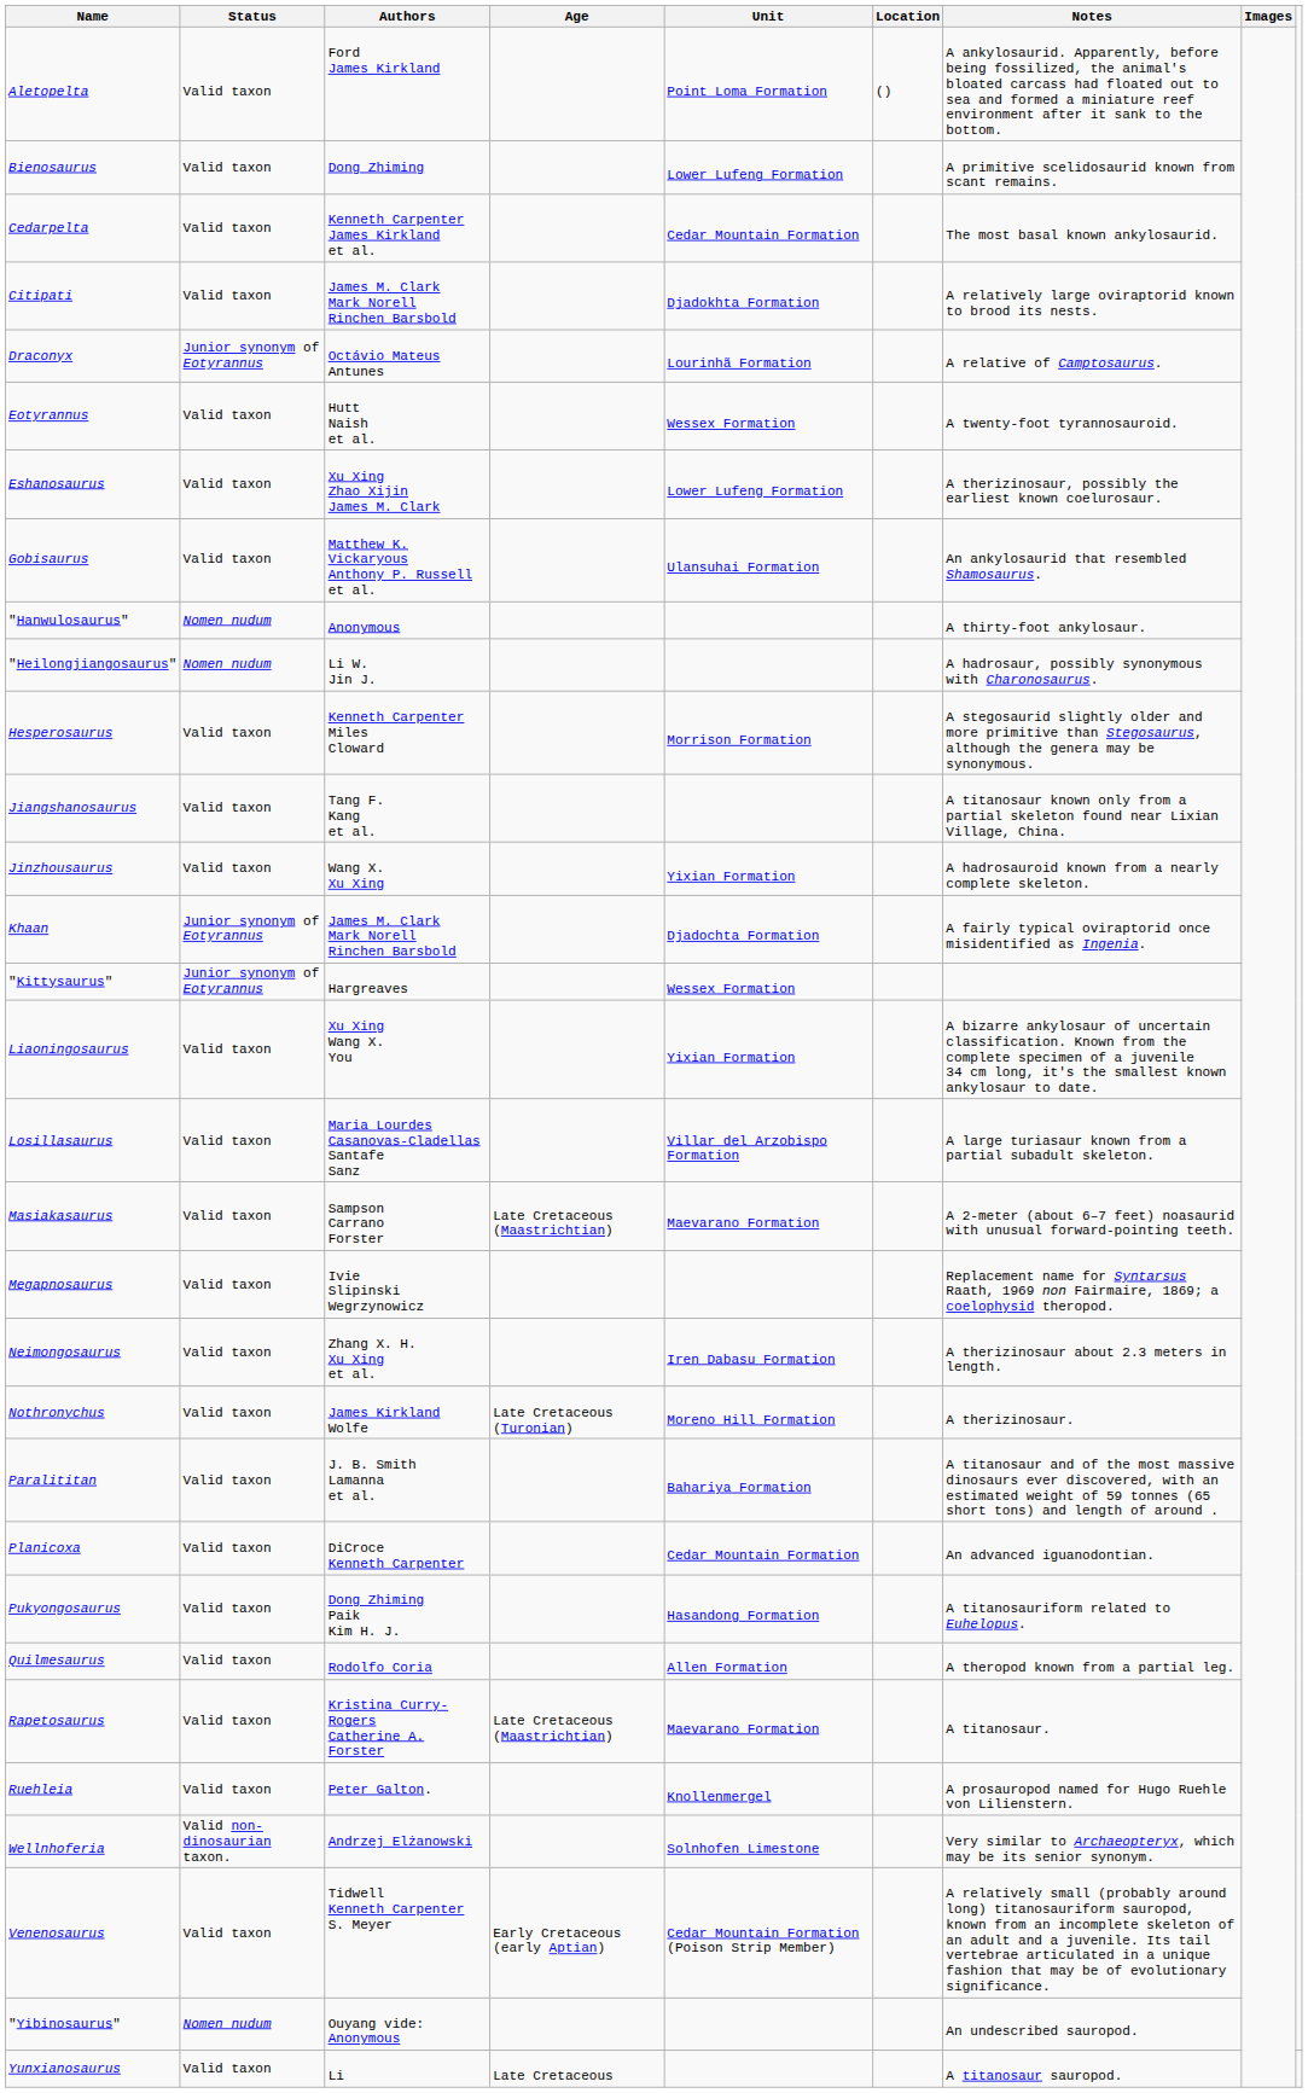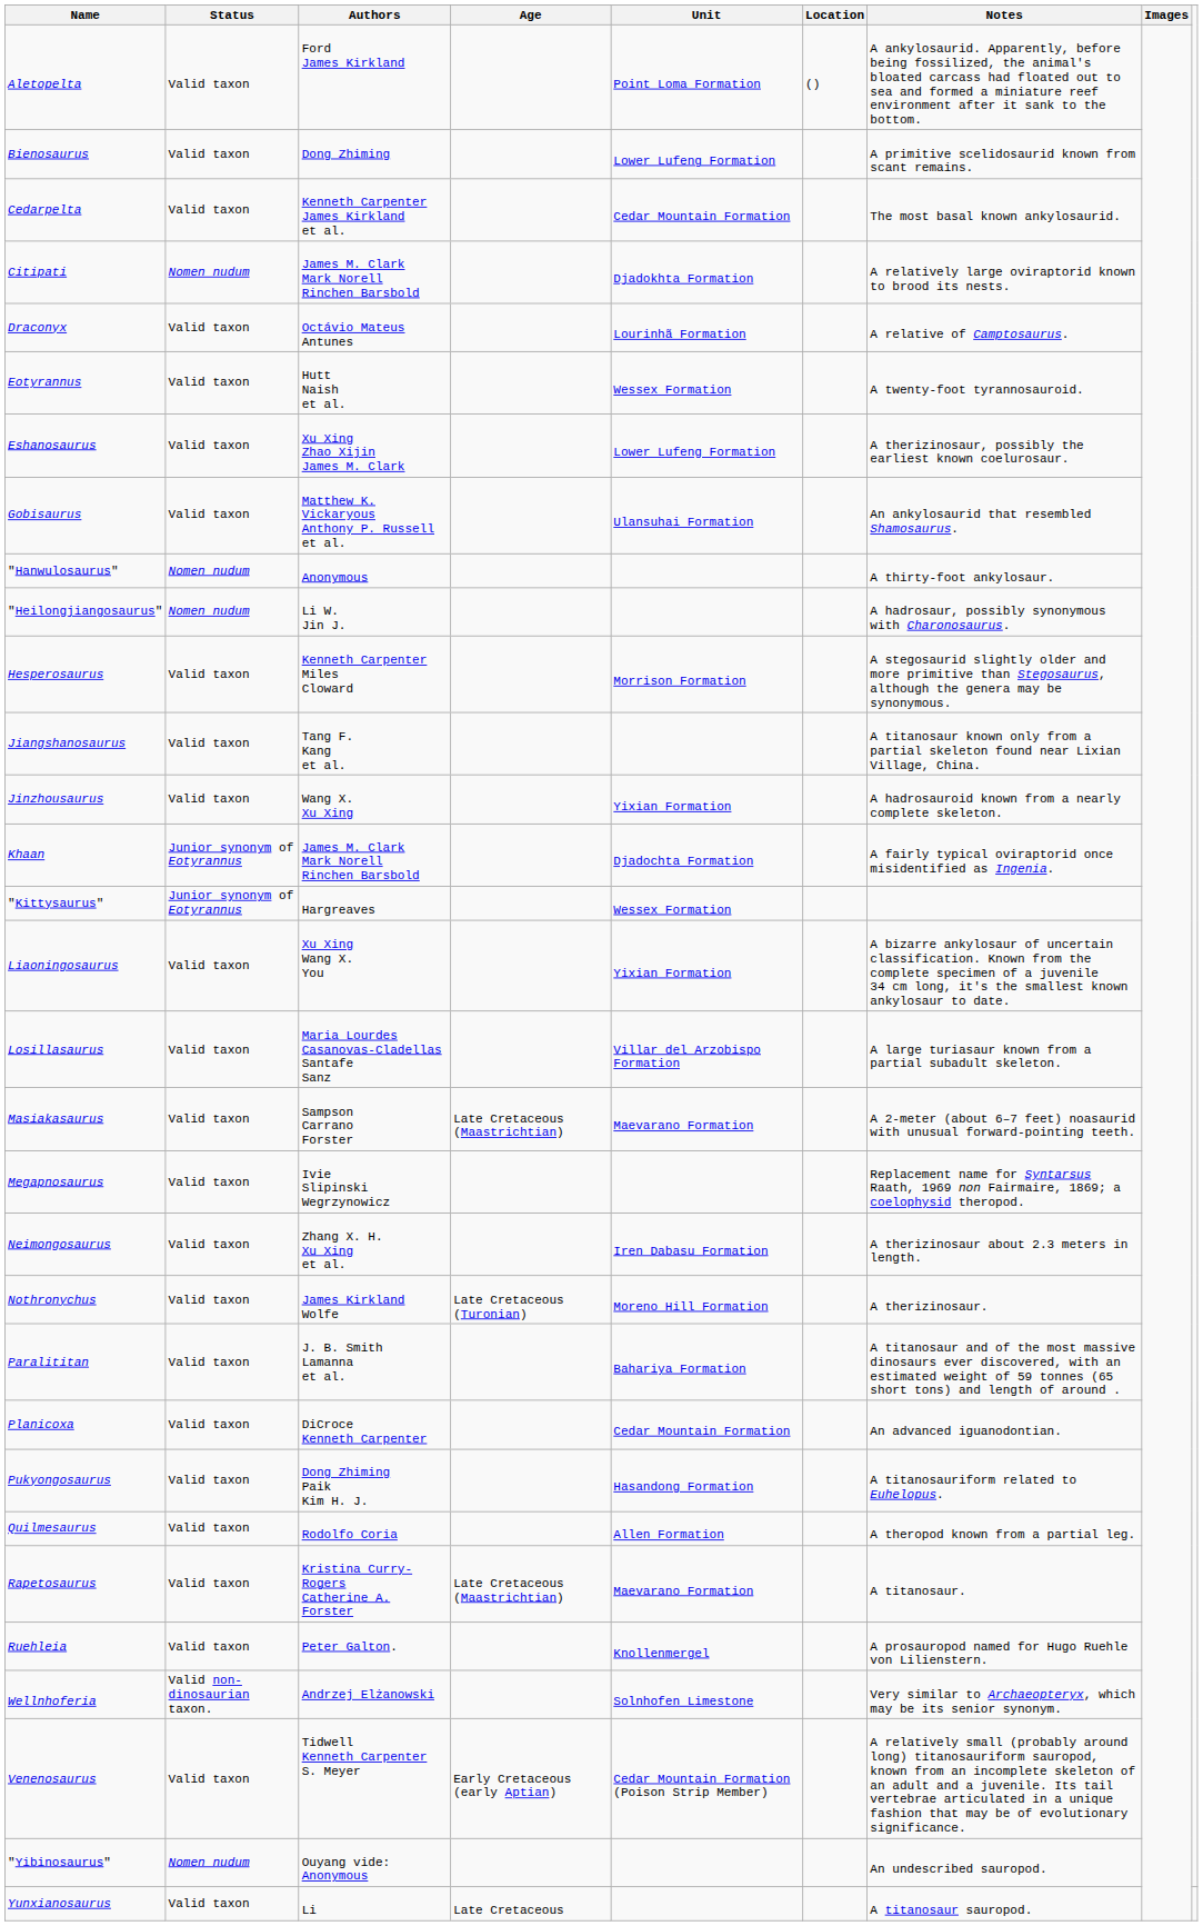 <table class="wikitable sortable" align="center" width="100%">
 <tr>
 <th>Name</th>
 <th>Status</th>
 <th>Authors</th>
 <th>Age</th>
 <th>Unit</th>
 <th>Location</th>
 <th width="23%" class="unsortable">Notes</th>
 <th class="unsortable">Images</th>
 </tr>
 <tr>
 <td><br><em><a href='#'>Aletopelta</a></em></td>
 <td><br>Valid taxon</td>
 <td style="border-right:0px" valign="top"><br>Ford <br> <a href='#'>James Kirkland</a> <br></td>
 <td></td>
 <td><br><a href='#'>Point Loma Formation</a></td>
 <td><br> ()</td>
 <td><br>A  ankylosaurid. Apparently, before being fossilized, the animal's bloated carcass had floated out to sea and formed a miniature reef environment after it sank to the bottom.</td>
 <td rowspan="110"><br><br>        </td>
 </tr>
 <tr>
 <td><em><a href='#'>Bienosaurus</a></em></td>
 <td>Valid taxon</td>
 <td style="border-right:0px" valign="top"><br><a href='#'>Dong Zhiming</a></td>
 <td></td>
 <td><br><a href='#'>Lower Lufeng Formation</a></td>
 <td><br></td>
 <td><br>A primitive scelidosaurid known from scant remains.</td>
 </tr>
 <tr>
 <td><em><a href='#'>Cedarpelta</a></em></td>
 <td>Valid taxon</td>
 <td style="border-right:0px" valign="top"><br><a href='#'>Kenneth Carpenter</a><br> <a href='#'>James Kirkland</a><br> et al.</td>
 <td></td>
 <td><br><a href='#'>Cedar Mountain Formation</a></td>
 <td><br></td>
 <td><br>The most basal known ankylosaurid.</td>
 </tr>
 <tr>
 <td><em><a href='#'>Citipati</a></em></td>
-<td>Valid taxon</td>
+<td><em><a href='#'>Nomen nudum</a></em></td>
 <td style="border-right:0px" valign="top"><br><a href='#'>James M. Clark</a><br> <a href='#'>Mark Norell</a><br> <a href='#'>Rinchen Barsbold</a></td>
 <td></td>
 <td><br><a href='#'>Djadokhta Formation</a></td>
 <td><br></td>
 <td><br>A relatively large oviraptorid known to brood its nests.</td>
 </tr>
 <tr>
 <td><em><a href='#'>Draconyx</a></em></td>
-<td><a href='#'>Junior synonym</a> of <em><a href='#'>Eotyrannus</a></em></td>
+<td>Valid taxon</td>
 <td style="border-right:0px" valign="top"><br><a href='#'>Octávio Mateus</a><br> Antunes</td>
 <td></td>
 <td><br><a href='#'>Lourinhã Formation</a></td>
 <td><br></td>
 <td><br>A relative of <em><a href='#'>Camptosaurus</a></em>.</td>
 </tr>
 <tr>
 <td><em><a href='#'>Eotyrannus</a></em></td>
 <td>Valid taxon</td>
 <td style="border-right:0px" valign="top"><br>Hutt<br> Naish <br> et al.</td>
 <td></td>
 <td><br><a href='#'>Wessex Formation</a></td>
 <td><br></td>
 <td><br>A twenty-foot tyrannosauroid.</td>
 </tr>
 <tr>
 <td><em><a href='#'>Eshanosaurus</a></em></td>
 <td>Valid taxon</td>
 <td style="border-right:0px" valign="top"><br><a href='#'>Xu Xing</a><br> <a href='#'>Zhao Xijin</a><br> <a href='#'>James M. Clark</a></td>
 <td></td>
 <td><br><a href='#'>Lower Lufeng Formation</a></td>
 <td><br></td>
 <td><br>A therizinosaur, possibly the earliest known coelurosaur.</td>
 </tr>
 <tr>
 <td><em><a href='#'>Gobisaurus</a></em></td>
 <td>Valid taxon</td>
 <td style="border-right:0px" valign="top"><br><a href='#'>Matthew K. Vickaryous</a><br> <a href='#'>Anthony P. Russell</a><br> et al.</td>
 <td></td>
 <td><br><a href='#'>Ulansuhai Formation</a></td>
 <td><br></td>
 <td><br>An ankylosaurid that resembled <em><a href='#'>Shamosaurus</a></em>.</td>
 </tr>
 <tr>
 <td>"<a href='#'>Hanwulosaurus</a>"</td>
 <td><em><a href='#'>Nomen nudum</a></em></td>
 <td style="border-right:0px" valign="top"><br><a href='#'>Anonymous</a></td>
 <td></td>
 <td></td>
 <td><br></td>
 <td><br>A thirty-foot ankylosaur.</td>
 </tr>
 <tr>
 <td>"<a href='#'>Heilongjiangosaurus</a>"</td>
 <td><em><a href='#'>Nomen nudum</a></em></td>
 <td style="border-right:0px" valign="top"><br>Li W.<br> Jin J.</td>
 <td></td>
 <td></td>
 <td><br></td>
 <td><br>A hadrosaur, possibly synonymous with <em><a href='#'>Charonosaurus</a></em>.</td>
 </tr>
 <tr>
 <td><em><a href='#'>Hesperosaurus</a></em></td>
 <td>Valid taxon</td>
 <td style="border-right:0px" valign="top"><br><a href='#'>Kenneth Carpenter</a><br> Miles<br> Cloward</td>
 <td></td>
 <td><br><a href='#'>Morrison Formation</a></td>
 <td><br></td>
 <td><br>A stegosaurid slightly older and more primitive than <em><a href='#'>Stegosaurus</a></em>, although the genera may be synonymous.</td>
 </tr>
 <tr>
 <td><em><a href='#'>Jiangshanosaurus</a></em></td>
 <td>Valid taxon</td>
 <td style="border-right:0px" valign="top"><br>Tang F.<br> Kang  <br> et al.</td>
 <td></td>
 <td></td>
 <td><br></td>
 <td><br>A titanosaur known only from a partial skeleton found near Lixian Village, China.</td>
 </tr>
 <tr>
 <td><em><a href='#'>Jinzhousaurus</a></em></td>
 <td>Valid taxon</td>
 <td style="border-right:0px" valign="top"><br>Wang X. <br> <a href='#'>Xu Xing</a></td>
 <td></td>
 <td><br><a href='#'>Yixian Formation</a></td>
 <td><br></td>
 <td><br>A hadrosauroid known from a nearly complete skeleton.</td>
 </tr>
 <tr>
 <td><em><a href='#'>Khaan</a></em></td>
 <td><a href='#'>Junior synonym</a> of <em><a href='#'>Eotyrannus</a></em></td>
 <td style="border-right:0px" valign="top"><br><a href='#'>James M. Clark</a><br> <a href='#'>Mark Norell</a><br> <a href='#'>Rinchen Barsbold</a></td>
 <td></td>
 <td><br><a href='#'>Djadochta Formation</a></td>
 <td><br></td>
 <td><br>A fairly typical oviraptorid once misidentified as <em><a href='#'>Ingenia</a></em>.</td>
 </tr>
 <tr>
 <td>"<a href='#'>Kittysaurus</a>"</td>
 <td><a href='#'>Junior synonym</a> of <em><a href='#'>Eotyrannus</a></em></td>
 <td style="border-right:0px" valign="top"><br>Hargreaves</td>
 <td></td>
 <td><br><a href='#'>Wessex Formation</a></td>
 <td><br></td>
 <td></td>
 </tr>
 <tr>
 <td><em><a href='#'>Liaoningosaurus</a></em></td>
 <td>Valid taxon</td>
 <td style="border-right:0px" valign="top"><br><a href='#'>Xu Xing</a><br> Wang X.<br> You</td>
 <td></td>
 <td><br><a href='#'>Yixian Formation</a></td>
 <td><br></td>
 <td><br>A bizarre ankylosaur of uncertain classification. Known from the complete specimen of a juvenile 34 cm long, it's the smallest known ankylosaur to date.</td>
 </tr>
 <tr>
 <td><em><a href='#'>Losillasaurus</a></em></td>
 <td>Valid taxon</td>
 <td style="border-right:0px" valign="top"><br><a href='#'>Maria Lourdes Casanovas-Cladellas</a><br> Santafe<br> Sanz</td>
 <td></td>
 <td><br><a href='#'>Villar del Arzobispo Formation</a></td>
 <td><br></td>
 <td><br>A large turiasaur known from a partial subadult skeleton.</td>
 </tr>
 <tr>
 <td><em><a href='#'>Masiakasaurus</a></em></td>
 <td>Valid taxon</td>
 <td style="border-right:0px" valign="top"><br>Sampson<br> Carrano<br> Forster</td>
 <td><br>Late Cretaceous (<a href='#'>Maastrichtian</a>)</td>
 <td><br><a href='#'>Maevarano Formation</a></td>
 <td><br></td>
 <td><br>A 2-meter (about 6–7 feet) noasaurid with unusual forward-pointing teeth.</td>
 </tr>
 <tr>
 <td><em><a href='#'>Megapnosaurus</a></em></td>
 <td>Valid taxon</td>
 <td style="border-right:0px" valign="top"><br>Ivie<br> Slipinski<br> Wegrzynowicz</td>
 <td></td>
 <td></td>
 <td><br><br> </td>
 <td><br>Replacement name for <em><a href='#'>Syntarsus</a></em> Raath, 1969 <em>non</em> Fairmaire, 1869; a <a href='#'>coelophysid</a> theropod.</td>
 </tr>
 <tr>
 <td><em><a href='#'>Neimongosaurus</a></em></td>
 <td>Valid taxon</td>
 <td style="border-right:0px" valign="top"><br>Zhang X. H.<br> <a href='#'>Xu Xing</a><br> et al.</td>
 <td></td>
 <td><br><a href='#'>Iren Dabasu Formation</a></td>
 <td><br></td>
 <td><br>A therizinosaur about 2.3 meters in length.</td>
 </tr>
 <tr>
 <td><em><a href='#'>Nothronychus</a></em></td>
 <td>Valid taxon</td>
 <td style="border-right:0px" valign="top"><br><a href='#'>James Kirkland</a>  Wolfe</td>
 <td><br>Late Cretaceous (<a href='#'>Turonian</a>)</td>
 <td><br><a href='#'>Moreno Hill Formation</a></td>
 <td><br></td>
 <td><br>A therizinosaur.</td>
 </tr>
 <tr>
 <td><em><a href='#'>Paralititan</a></em></td>
 <td>Valid taxon</td>
 <td style="border-right:0px" valign="top"><br>J. B. Smith<br> Lamanna<br> et al.</td>
 <td></td>
 <td><br><a href='#'>Bahariya Formation</a></td>
 <td><br></td>
 <td><br>A titanosaur and of the most massive dinosaurs ever discovered, with an estimated weight of 59 tonnes (65 short tons) and length of around .</td>
 </tr>
 <tr>
 <td><em><a href='#'>Planicoxa</a></em></td>
 <td>Valid taxon</td>
 <td style="border-right:0px" valign="top"><br>DiCroce<br> <a href='#'>Kenneth Carpenter</a></td>
 <td></td>
 <td><br><a href='#'>Cedar Mountain Formation</a></td>
 <td><br></td>
 <td><br>An advanced iguanodontian.</td>
 </tr>
 <tr>
 <td><em><a href='#'>Pukyongosaurus</a></em></td>
 <td>Valid taxon</td>
 <td style="border-right:0px" valign="top"><br><a href='#'>Dong Zhiming</a><br> Paik<br> Kim H. J.</td>
 <td></td>
 <td><br><a href='#'>Hasandong Formation</a></td>
 <td><br></td>
 <td><br>A titanosauriform related to <em><a href='#'>Euhelopus</a></em>.</td>
 </tr>
 <tr>
 <td><em><a href='#'>Quilmesaurus</a></em></td>
 <td>Valid taxon</td>
 <td style="border-right:0px" valign="top"><br><a href='#'>Rodolfo Coria</a></td>
 <td></td>
 <td><br><a href='#'>Allen Formation</a></td>
 <td><br></td>
 <td><br>A  theropod known from a partial leg.</td>
 </tr>
 <tr>
 <td><em><a href='#'>Rapetosaurus</a></em></td>
 <td>Valid taxon</td>
 <td style="border-right:0px" valign="top"><br><a href='#'>Kristina Curry-Rogers</a><br> <a href='#'>Catherine A. Forster</a></td>
 <td><br>Late Cretaceous (<a href='#'>Maastrichtian</a>)</td>
 <td><br><a href='#'>Maevarano Formation</a></td>
 <td><br></td>
 <td><br>A  titanosaur.</td>
 </tr>
 <tr>
 <td><em><a href='#'>Ruehleia</a></em></td>
 <td>Valid taxon</td>
 <td style="border-right:0px" valign="top"><br><a href='#'>Peter Galton</a>.</td>
 <td></td>
 <td><br><a href='#'>Knollenmergel</a></td>
 <td><br></td>
 <td><br>A prosauropod named for Hugo Ruehle von Lilienstern.</td>
 </tr>
 <tr>
 <td><br><em><a href='#'>Wellnhoferia</a></em></td>
 <td>Valid <a href='#'>non-dinosaurian</a> taxon.</td>
 <td style="border-right:0px" valign="top"><br><a href='#'>Andrzej Elżanowski</a></td>
 <td></td>
 <td><br><a href='#'>Solnhofen Limestone</a></td>
 <td><br></td>
 <td><br>Very similar to <em><a href='#'>Archaeopteryx</a></em>, which may be its senior synonym.</td>
 </tr>
 <tr>
 <td><em><a href='#'>Venenosaurus</a></em></td>
 <td>Valid taxon</td>
 <td style="border-right:0px" valign="top"><br>Tidwell<br> <a href='#'>Kenneth Carpenter</a><br> S. Meyer</td>
 <td><br>Early Cretaceous (early <a href='#'>Aptian</a>)</td>
 <td><br><a href='#'>Cedar Mountain Formation</a> (Poison Strip Member)</td>
 <td><br></td>
 <td><br>A relatively small (probably around  long) titanosauriform sauropod, known from an incomplete skeleton of an adult and a juvenile. Its tail vertebrae articulated in a unique fashion that may be of evolutionary significance.</td>
 </tr>
 <tr>
 <td>"<a href='#'>Yibinosaurus</a>"</td>
 <td><em><a href='#'>Nomen nudum</a></em></td>
 <td style="border-right:0px" valign="top"><br>Ouyang vide: <a href='#'>Anonymous</a></td>
 <td></td>
 <td></td>
 <td><br></td>
 <td><br>An undescribed sauropod.</td>
 </tr>
 <tr>
 <td><em><a href='#'>Yunxianosaurus</a></em></td>
 <td>Valid taxon</td>
 <td style="border-right:0px" valign="top"><br>Li</td>
 <td><br>Late Cretaceous</td>
 <td></td>
 <td><br></td>
 <td><br>A <a href='#'>titanosaur</a> sauropod.</td>
 <td></td>
 </tr>
 </table>
